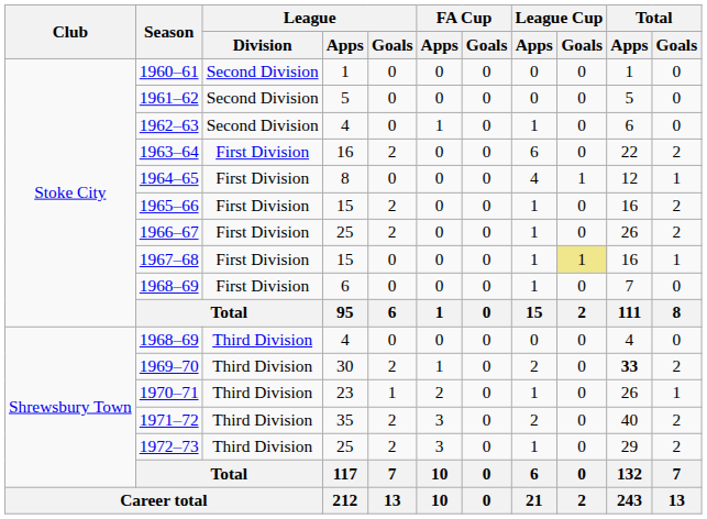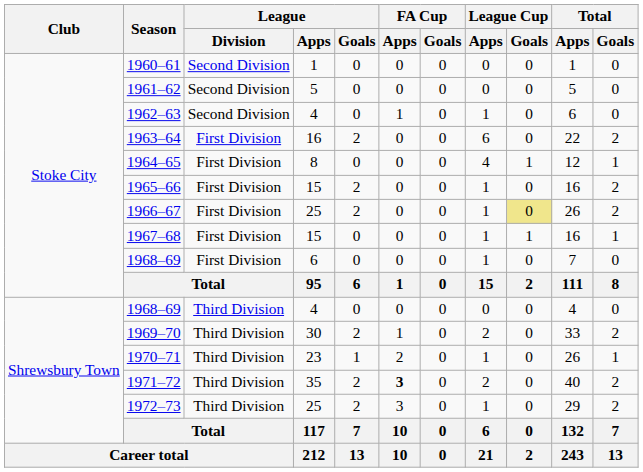 <table class="wikitable" style="text-align:center">
 <tr>
 <th rowspan="2">Club</th>
 <th rowspan="2">Season</th>
 <th colspan="3">League</th>
 <th colspan="2">FA Cup</th>
 <th colspan="2">League Cup</th>
 <th colspan="2">Total</th>
 </tr>
 <tr>
 <th>Division</th>
 <th>Apps</th>
 <th>Goals</th>
 <th>Apps</th>
 <th>Goals</th>
 <th>Apps</th>
 <th>Goals</th>
 <th>Apps</th>
 <th>Goals</th>
 </tr>
 <tr>
 <td rowspan="10"><a href='#'>Stoke City</a></td>
 <td><a href='#'>1960–61</a></td>
 <td><a href='#'>Second Division</a></td>
 <td>1</td>
 <td>0</td>
 <td>0</td>
 <td>0</td>
 <td>0</td>
 <td>0</td>
 <td>1</td>
 <td>0</td>
 </tr>
 <tr>
 <td><a href='#'>1961–62</a></td>
 <td>Second Division</td>
 <td>5</td>
 <td>0</td>
 <td>0</td>
 <td>0</td>
 <td>0</td>
 <td>0</td>
 <td>5</td>
 <td>0</td>
 </tr>
 <tr>
 <td><a href='#'>1962–63</a></td>
 <td>Second Division</td>
 <td>4</td>
 <td>0</td>
 <td>1</td>
 <td>0</td>
 <td>1</td>
 <td>0</td>
 <td>6</td>
 <td>0</td>
 </tr>
 <tr>
 <td><a href='#'>1963–64</a></td>
 <td><a href='#'>First Division</a></td>
 <td>16</td>
 <td>2</td>
 <td>0</td>
 <td>0</td>
 <td>6</td>
 <td>0</td>
 <td>22</td>
 <td>2</td>
 </tr>
 <tr>
 <td><a href='#'>1964–65</a></td>
 <td>First Division</td>
 <td>8</td>
 <td>0</td>
 <td>0</td>
 <td>0</td>
 <td>4</td>
 <td>1</td>
 <td>12</td>
 <td>1</td>
 </tr>
 <tr>
 <td><a href='#'>1965–66</a></td>
 <td>First Division</td>
 <td>15</td>
 <td>2</td>
 <td>0</td>
 <td>0</td>
 <td>1</td>
 <td>0</td>
 <td>16</td>
 <td>2</td>
 </tr>
 <tr>
 <td><a href='#'>1966–67</a></td>
 <td>First Division</td>
 <td>25</td>
 <td>2</td>
 <td>0</td>
 <td>0</td>
 <td>1</td>
-<td>0</td>
+<td style="background: khaki;">0</td>
 <td>26</td>
 <td>2</td>
 </tr>
 <tr>
 <td><a href='#'>1967–68</a></td>
 <td>First Division</td>
 <td>15</td>
 <td>0</td>
 <td>0</td>
 <td>0</td>
 <td>1</td>
-<td style="background: khaki;">1</td>
+<td>1</td>
 <td>16</td>
 <td>1</td>
 </tr>
 <tr>
 <td><a href='#'>1968–69</a></td>
 <td>First Division</td>
 <td>6</td>
 <td>0</td>
 <td>0</td>
 <td>0</td>
 <td>1</td>
 <td>0</td>
 <td>7</td>
 <td>0</td>
 </tr>
 <tr>
 <th colspan="2">Total</th>
 <th>95</th>
 <th>6</th>
 <th>1</th>
 <th>0</th>
 <th>15</th>
 <th>2</th>
 <th>111</th>
 <th>8</th>
 </tr>
 <tr>
 <td rowspan="6"><a href='#'>Shrewsbury Town</a></td>
 <td><a href='#'>1968–69</a></td>
 <td><a href='#'>Third Division</a></td>
 <td>4</td>
 <td>0</td>
 <td>0</td>
 <td>0</td>
 <td>0</td>
 <td>0</td>
 <td>4</td>
 <td>0</td>
 </tr>
 <tr>
 <td><a href='#'>1969–70</a></td>
 <td>Third Division</td>
 <td>30</td>
 <td>2</td>
 <td>1</td>
 <td>0</td>
 <td>2</td>
 <td>0</td>
-<td><strong>33</strong></td>
+<td>33</td>
 <td>2</td>
 </tr>
 <tr>
 <td><a href='#'>1970–71</a></td>
 <td>Third Division</td>
 <td>23</td>
 <td>1</td>
 <td>2</td>
 <td>0</td>
 <td>1</td>
 <td>0</td>
 <td>26</td>
 <td>1</td>
 </tr>
 <tr>
 <td><a href='#'>1971–72</a></td>
 <td>Third Division</td>
 <td>35</td>
 <td>2</td>
-<td>3</td>
+<td><strong>3</strong></td>
 <td>0</td>
 <td>2</td>
 <td>0</td>
 <td>40</td>
 <td>2</td>
 </tr>
 <tr>
 <td><a href='#'>1972–73</a></td>
 <td>Third Division</td>
 <td>25</td>
 <td>2</td>
 <td>3</td>
 <td>0</td>
 <td>1</td>
 <td>0</td>
 <td>29</td>
 <td>2</td>
 </tr>
 <tr>
 <th colspan="2">Total</th>
 <th>117</th>
 <th>7</th>
 <th>10</th>
 <th>0</th>
 <th>6</th>
 <th>0</th>
 <th>132</th>
 <th>7</th>
 </tr>
 <tr>
 <th colspan="3">Career total</th>
 <th>212</th>
 <th>13</th>
 <th>10</th>
 <th>0</th>
 <th>21</th>
 <th>2</th>
 <th>243</th>
 <th>13</th>
 </tr>
 </table>
